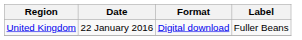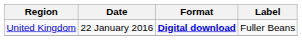 <table class=wikitable>
 <tr>
 <th>Region</th>
 <th>Date</th>
 <th>Format</th>
 <th>Label</th>
 </tr>
 <tr>
 <td><a href='#'>United Kingdom</a></td>
 <td>22 January 2016</td>
-<td><a href='#'>Digital download</a></td>
+<td><strong><a href='#'>Digital download</a></strong></td>
 <td>Fuller Beans</td>
 </tr>
 <tr>
 </tr>
 </table>
